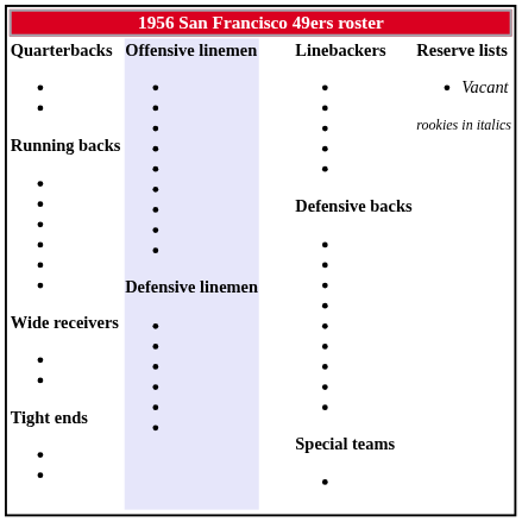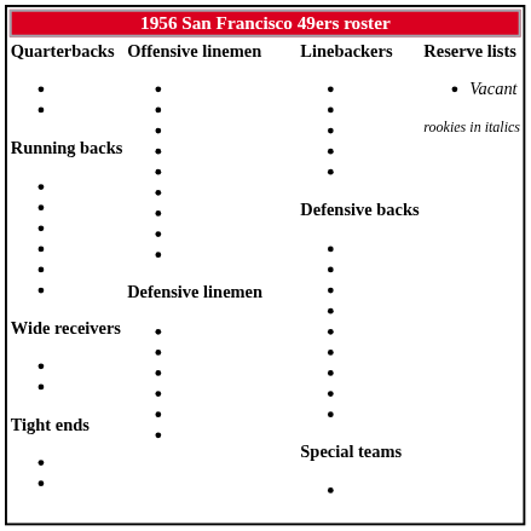 <table class="toccolours" style="text-align: left; border:2px solid black;">
 <tr>
 <th colspan="7" style="text-align:center; border: 2px solid #A2A9B1; background-color: #DA0020; color: white;">1956 San Francisco 49ers roster</th>
 </tr>
 <tr>
 <td style="font-size: 95%;" valign="top"><strong>Quarterbacks</strong><br><ul><li></li><li></li></ul><strong>Running backs</strong><ul><li></li><li></li><li></li><li></li><li></li><li></li></ul><strong>Wide receivers</strong><ul><li></li><li></li></ul><strong>Tight ends</strong><ul><li></li><li></li></ul></td>
-<td style="background: lavender; font-size: 95%;" valign="top"><strong>Offensive linemen</strong><br><ul><li></li><li></li><li></li><li></li><li></li><li></li><li></li><li></li><li></li></ul><strong>Defensive linemen</strong><ul><li></li><li></li><li></li><li></li><li></li><li></li></ul></td>
+<td style="font-size: 95%;" valign="top"><strong>Offensive linemen</strong><br><ul><li></li><li></li><li></li><li></li><li></li><li></li><li></li><li></li><li></li></ul><strong>Defensive linemen</strong><ul><li></li><li></li><li></li><li></li><li></li><li></li></ul></td>
 <td style="width: 25px;"></td>
 <td style="font-size: 95%;" valign="top"><strong>Linebackers</strong><br><ul><li></li><li></li><li></li><li></li><li></li></ul><strong>Defensive backs</strong><ul><li></li><li></li><li></li><li></li><li></li><li></li><li></li><li></li><li></li></ul><strong>Special teams</strong><ul><li></li></ul></td>
 <td style="font-size: 95%;" valign="top"><strong>Reserve lists</strong><br><ul><li><em>Vacant</em></li></ul><small><em>rookies in italics</em></small></td>
 </tr>
 <tr>
 </tr>
 </table>
